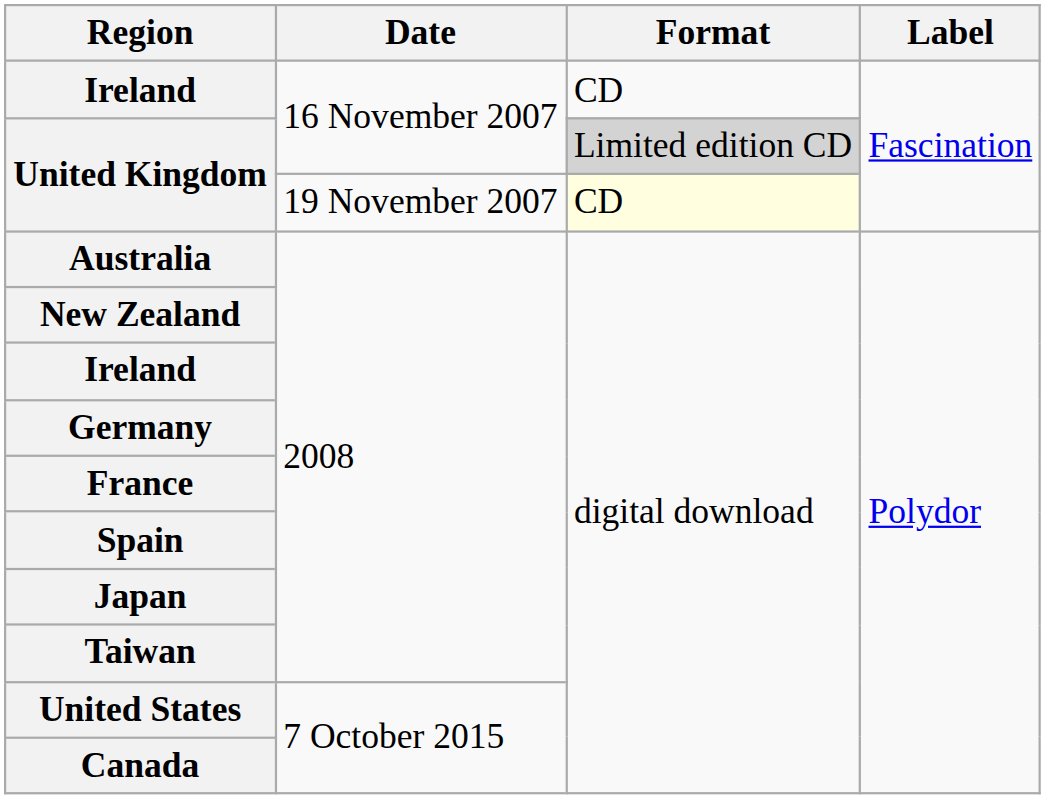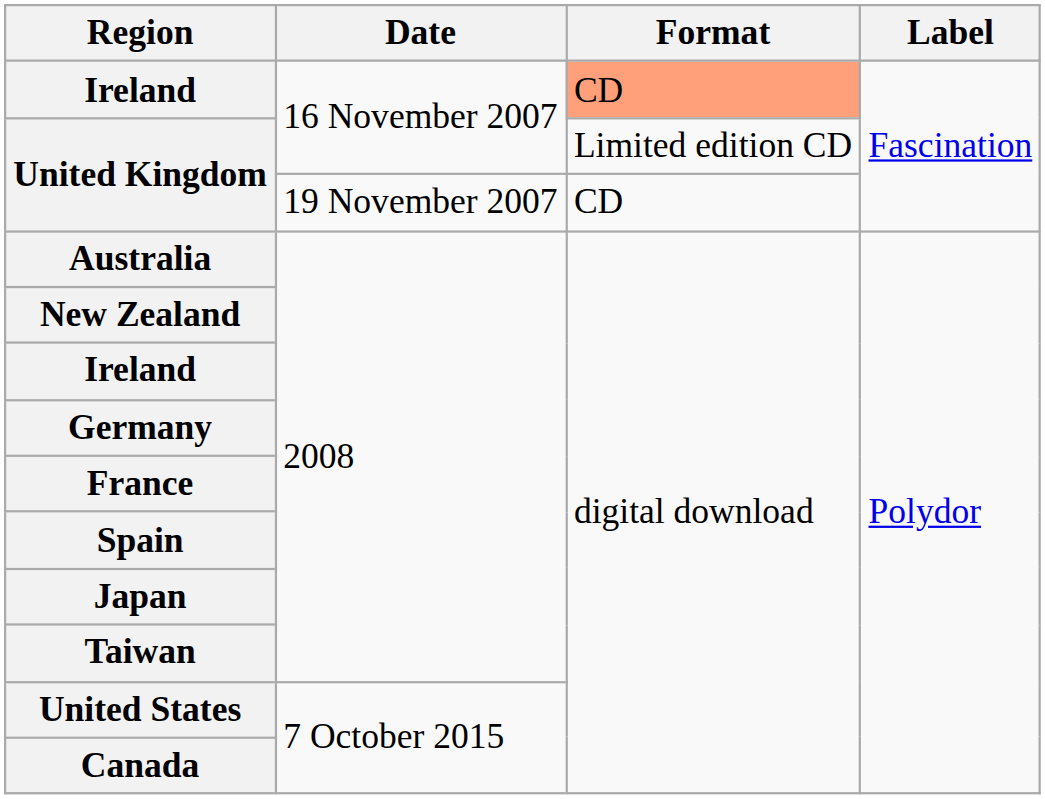 <table class="wikitable plainrowheaders">
 <tr>
 <th scope="col">Region</th>
 <th scope="col">Date</th>
 <th scope="col">Format</th>
 <th scope="col">Label</th>
 </tr>
 <tr>
 <th scope="row">Ireland</th>
 <td rowspan="2">16 November 2007</td>
-<td>CD</td>
+<td style="background: lightsalmon;">CD</td>
 <td rowspan="4"><a href='#'>Fascination</a></td>
 </tr>
 <tr>
 <th scope="row" rowspan="3">United Kingdom</th>
-<td style="background: lightgrey;">Limited edition CD</td>
+<td>Limited edition CD</td>
 </tr>
 <tr>
 <td rowspan="2">19 November 2007</td>
-<td style="background: lightyellow;">CD</td>
+<td>CD</td>
 </tr>
 <tr>
 <td rowspan="11">digital download</td>
 </tr>
 <tr>
 <th scope="row">Australia</th>
 <td rowspan="8">2008</td>
 <td rowspan="10"><a href='#'>Polydor</a></td>
 </tr>
 <tr>
 <th scope="row">New Zealand</th>
 </tr>
 <tr>
 <th scope="row">Ireland</th>
 </tr>
 <tr>
 <th scope="row">Germany</th>
 </tr>
 <tr>
 <th scope="row">France</th>
 </tr>
 <tr>
 <th scope="row">Spain</th>
 </tr>
 <tr>
 <th scope="row">Japan</th>
 </tr>
 <tr>
 <th scope="row">Taiwan</th>
 </tr>
 <tr>
 <th scope="row">United States</th>
 <td rowspan="2">7 October 2015</td>
 </tr>
 <tr>
 <th scope="row">Canada</th>
 </tr>
 </table>
